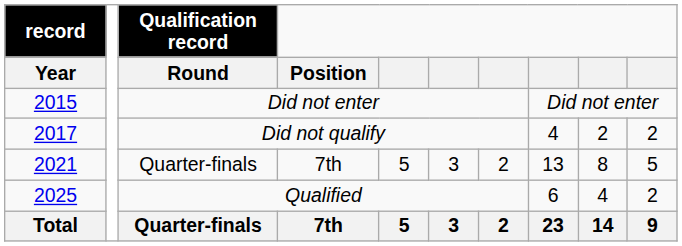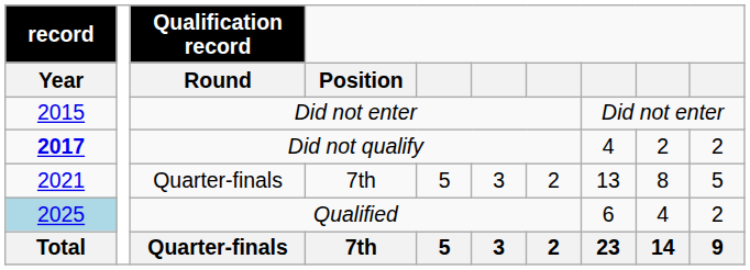 <table class="wikitable" style="font-size:90%; text-align:center;" width="80%">
 <tr>
 <th style="background:#000000; color:#FFFFFF; "><a href='#'></a> record</th>
 <th style="background:white" rowspan="7" width="1%"></th>
 <th style="background:#000000; color:#FFFFFF; ">Qualification record</th>
 </tr>
 <tr>
 <th width="10%">Year</th>
 <th width="10%">Round</th>
 <th width="5%">Position</th>
 <th width="5%"></th>
 <th width="5%"></th>
 <th width="5%"></th>
 <th width="5%"></th>
 <th width="5%"></th>
 <th width="5%"></th>
 </tr>
 <tr>
 <td> <a href='#'>2015</a></td>
 <td colspan="5"><em>Did not enter</em></td>
 <td colspan="3"><em>Did not enter</em></td>
 </tr>
 <tr>
-<td>  <a href='#'>2017</a></td>
+<td><strong>  <a href='#'>2017</a></strong></td>
 <td colspan=5><em>Did not qualify</em></td>
 <td>4</td>
 <td>2</td>
 <td>2</td>
 </tr>
 <tr>
 <td> <a href='#'>2021</a></td>
 <td>Quarter-finals</td>
 <td>7th</td>
 <td>5</td>
 <td>3</td>
 <td>2</td>
 <td>13</td>
 <td>8</td>
 <td>5</td>
 </tr>
 <tr>
-<td> <a href='#'>2025</a></td>
+<td style="background: lightblue;"> <a href='#'>2025</a></td>
 <td colspan=5><em>Qualified</em></td>
 <td>6</td>
 <td>4</td>
 <td>2</td>
 </tr>
 <tr>
 <th>Total</th>
 <th>Quarter-finals</th>
 <th>7th</th>
 <th>5</th>
 <th>3</th>
 <th>2</th>
 <th>23</th>
 <th>14</th>
 <th>9</th>
 </tr>
 </table>
